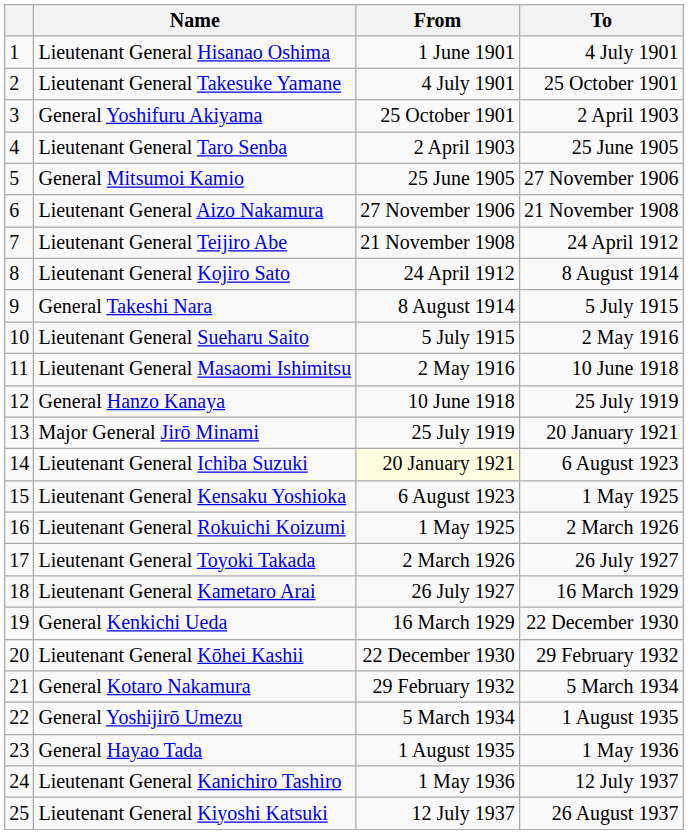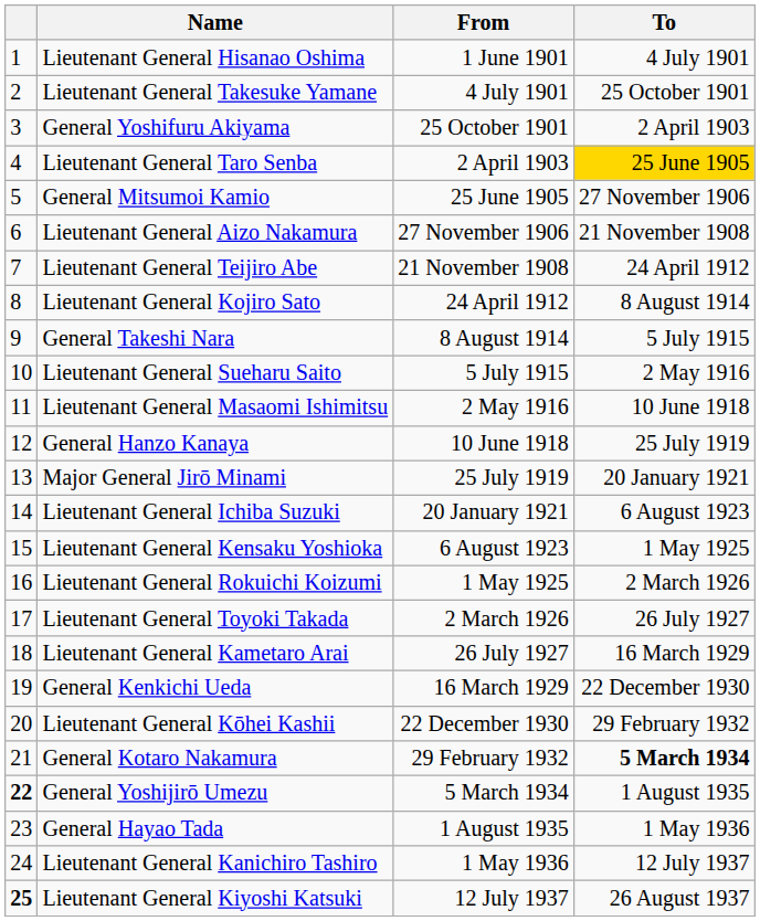 <table class=wikitable>
 <tr>
 <th></th>
 <th>Name</th>
 <th>From</th>
 <th>To</th>
 </tr>
 <tr>
 <td>1</td>
 <td>Lieutenant General <a href='#'>Hisanao Oshima</a></td>
 <td align = "right">1 June 1901</td>
 <td align = "right">4 July 1901</td>
 </tr>
 <tr>
 <td>2</td>
 <td>Lieutenant General <a href='#'>Takesuke Yamane</a></td>
 <td align = "right">4 July 1901</td>
 <td align = "right">25 October 1901</td>
 </tr>
 <tr>
 <td>3</td>
 <td>General <a href='#'>Yoshifuru Akiyama</a></td>
 <td align = "right">25 October 1901</td>
 <td align = "right">2 April 1903</td>
 </tr>
 <tr>
 <td>4</td>
 <td>Lieutenant General <a href='#'>Taro Senba</a></td>
 <td align = "right">2 April 1903</td>
-<td align = "right">25 June 1905</td>
+<td align = "right" style="background: gold;">25 June 1905</td>
 </tr>
 <tr>
 <td>5</td>
 <td>General <a href='#'>Mitsumoi Kamio</a></td>
 <td align = "right">25 June 1905</td>
 <td align = "right">27 November 1906</td>
 </tr>
 <tr>
 <td>6</td>
 <td>Lieutenant General <a href='#'>Aizo Nakamura</a></td>
 <td align = "right">27 November 1906</td>
 <td align = "right">21 November 1908</td>
 </tr>
 <tr>
 <td>7</td>
 <td>Lieutenant General <a href='#'>Teijiro Abe</a></td>
 <td align = "right">21 November 1908</td>
 <td align = "right">24 April 1912</td>
 </tr>
 <tr>
 <td>8</td>
 <td>Lieutenant General <a href='#'>Kojiro Sato</a></td>
 <td align = "right">24 April 1912</td>
 <td align = "right">8 August 1914</td>
 </tr>
 <tr>
 <td>9</td>
 <td>General <a href='#'>Takeshi Nara</a></td>
 <td align = "right">8 August 1914</td>
 <td align = "right">5 July 1915</td>
 </tr>
 <tr>
 <td>10</td>
 <td>Lieutenant General <a href='#'>Sueharu Saito</a></td>
 <td align = "right">5 July 1915</td>
 <td align = "right">2 May 1916</td>
 </tr>
 <tr>
 <td>11</td>
 <td>Lieutenant General <a href='#'>Masaomi Ishimitsu</a></td>
 <td align = "right">2 May 1916</td>
 <td align = "right">10 June 1918</td>
 </tr>
 <tr>
 <td>12</td>
 <td>General <a href='#'>Hanzo Kanaya</a></td>
 <td align = "right">10 June 1918</td>
 <td align = "right">25 July 1919</td>
 </tr>
 <tr>
 <td>13</td>
 <td>Major General <a href='#'>Jirō Minami</a></td>
 <td align = "right">25 July 1919</td>
 <td align = "right">20 January 1921</td>
 </tr>
 <tr>
 <td>14</td>
 <td>Lieutenant General <a href='#'>Ichiba Suzuki</a></td>
-<td align = "right" style="background: lightyellow;">20 January 1921</td>
+<td align = "right">20 January 1921</td>
 <td align = "right">6 August 1923</td>
 </tr>
 <tr>
 <td>15</td>
 <td>Lieutenant General <a href='#'>Kensaku Yoshioka</a></td>
 <td align = "right">6 August 1923</td>
 <td align = "right">1 May 1925</td>
 </tr>
 <tr>
 <td>16</td>
 <td>Lieutenant General <a href='#'>Rokuichi Koizumi</a></td>
 <td align = "right">1 May 1925</td>
 <td align = "right">2 March 1926</td>
 </tr>
 <tr>
 <td>17</td>
 <td>Lieutenant General <a href='#'>Toyoki Takada</a></td>
 <td align = "right">2 March 1926</td>
 <td align = "right">26 July 1927</td>
 </tr>
 <tr>
 <td>18</td>
 <td>Lieutenant General <a href='#'>Kametaro Arai</a></td>
 <td align = "right">26 July 1927</td>
 <td align = "right">16 March 1929</td>
 </tr>
 <tr>
 <td>19</td>
 <td>General <a href='#'>Kenkichi Ueda</a></td>
 <td align = "right">16 March 1929</td>
 <td align = "right">22 December 1930</td>
 </tr>
 <tr>
 <td>20</td>
 <td>Lieutenant General <a href='#'>Kōhei Kashii</a></td>
 <td align = "right">22 December 1930</td>
 <td align = "right">29 February 1932</td>
 </tr>
 <tr>
 <td>21</td>
 <td>General <a href='#'>Kotaro Nakamura</a></td>
 <td align = "right">29 February 1932</td>
-<td align = "right">5 March 1934</td>
+<td align = "right"><strong>5 March 1934</strong></td>
 </tr>
 <tr>
-<td>22</td>
+<td><strong>22</strong></td>
 <td>General <a href='#'>Yoshijirō Umezu</a></td>
 <td align = "right">5 March 1934</td>
 <td align = "right">1 August 1935</td>
 </tr>
 <tr>
 <td>23</td>
 <td>General <a href='#'>Hayao Tada</a></td>
 <td align = "right">1 August 1935</td>
 <td align = "right">1 May 1936</td>
 </tr>
 <tr>
 <td>24</td>
 <td>Lieutenant General <a href='#'>Kanichiro Tashiro</a></td>
 <td align = "right">1 May 1936</td>
 <td align = "right">12 July 1937</td>
 </tr>
 <tr>
-<td>25</td>
+<td><strong>25</strong></td>
 <td>Lieutenant General <a href='#'>Kiyoshi Katsuki</a></td>
 <td align = "right">12 July 1937</td>
 <td align = "right">26 August 1937</td>
 </tr>
 <tr>
 </tr>
 </table>
